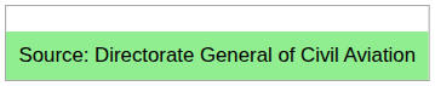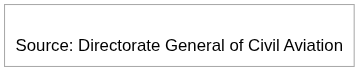 <table style="border:solid 1px #aaa;" cellpadding="10" cellspacing="0">
 <tr>
 <td></td>
 </tr>
 <tr>
-<td style="background: lightgreen;">Source: Directorate General of Civil Aviation</td>
+<td>Source: Directorate General of Civil Aviation</td>
 </tr>
 </table>
